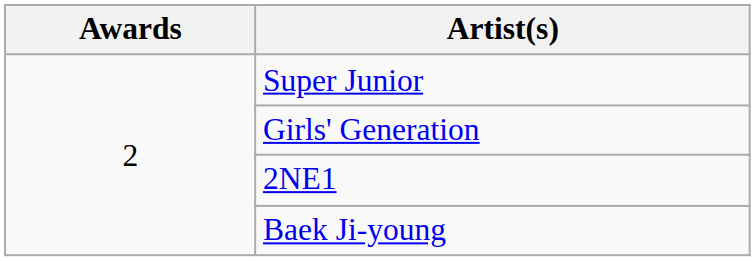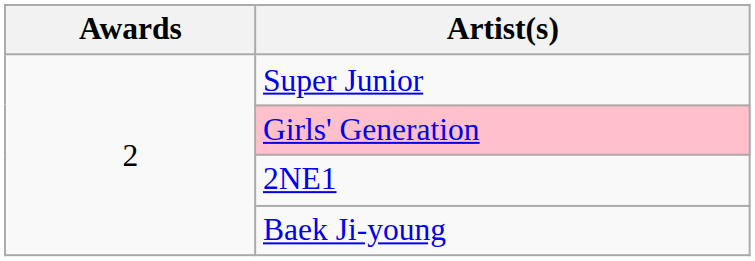 <table class="wikitable"  style="width:30%;">
 <tr>
 <th scope="col">Awards</th>
 <th scope="col">Artist(s)</th>
 </tr>
 <tr>
 <td align=center rowspan=5>2</td>
 <td><a href='#'>Super Junior</a></td>
 </tr>
 <tr>
-<td><a href='#'>Girls' Generation</a></td>
+<td style="background: pink;"><a href='#'>Girls' Generation</a></td>
 </tr>
 <tr>
 <td><a href='#'>2NE1</a></td>
 </tr>
 <tr>
 <td><a href='#'>Baek Ji-young</a></td>
 </tr>
 </table>
